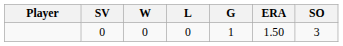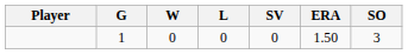 <table class="wikitable sortable">
 <tr>
 <th bgcolor="#DDDDFF" width="16%">Player</th>
-<th bgcolor="#DDDDFF" width="9%">SV</th>
+<th bgcolor="#DDDDFF" width="9%">G</th>
 <th bgcolor="#DDDDFF" width="9%">W</th>
 <th bgcolor="#DDDDFF" width="9%">L</th>
-<th bgcolor="#DDDDFF" width="9%">G</th>
+<th bgcolor="#DDDDFF" width="9%">SV</th>
 <th bgcolor="#DDDDFF" width="9%">ERA</th>
 <th bgcolor="#DDDDFF" width="9%">SO</th>
 </tr>
 <tr align="center">
 <td></td>
+<td>1</td>
 <td>0</td>
 <td>0</td>
 <td>0</td>
-<td>1</td>
 <td>1.50</td>
 <td>3</td>
 </tr>
 </table>
